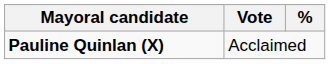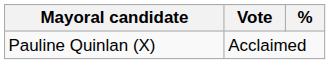 <table class="wikitable">
 <tr>
 <th bgcolor="#DDDDFF" width="200px">Mayoral candidate</th>
 <th bgcolor="#DDDDFF" width="50px">Vote</th>
 <th bgcolor="#DDDDFF"  width="30px">%</th>
 </tr>
 <tr>
-<td><strong>Pauline Quinlan (X)</strong></td>
+<td>Pauline Quinlan (X)</td>
 <td colspan="2">Acclaimed</td>
 </tr>
 </table>
